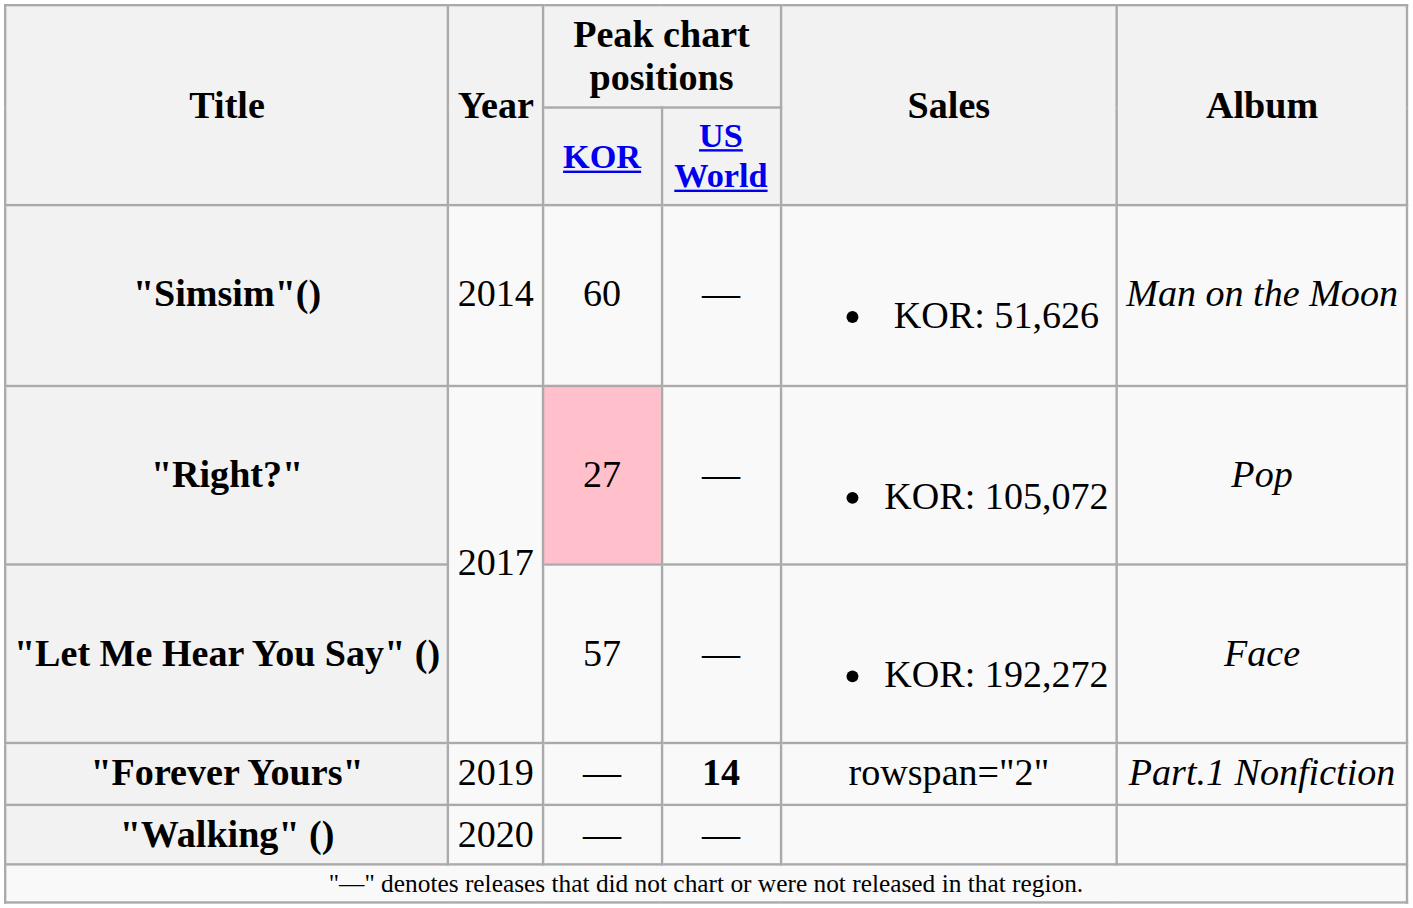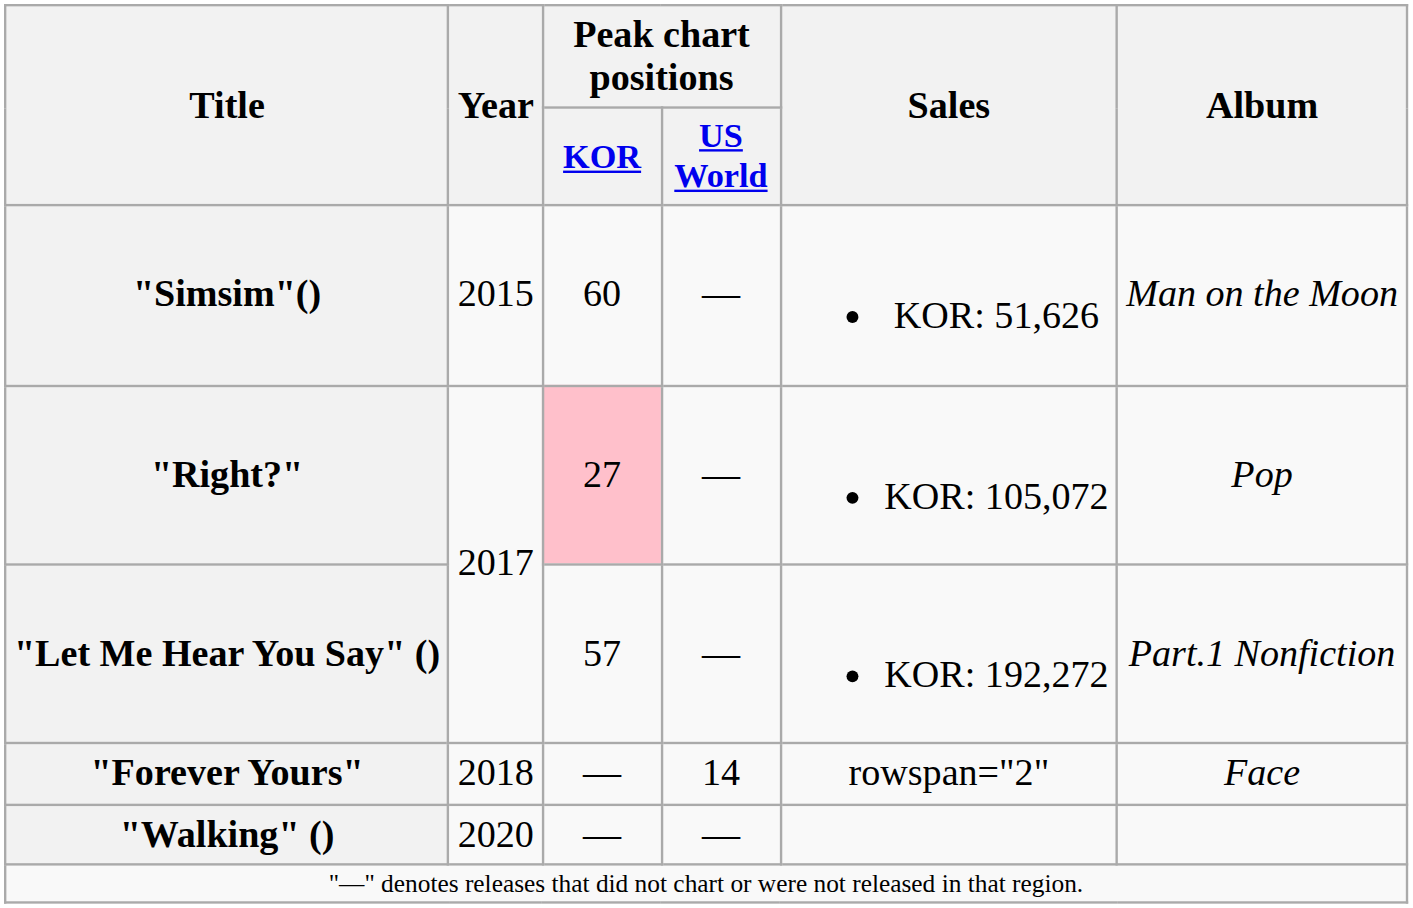 <table class="wikitable plainrowheaders" style="text-align:center">
 <tr>
 <th rowspan="2">Title</th>
 <th rowspan="2">Year</th>
 <th colspan="2">Peak chart positions</th>
 <th rowspan="2">Sales</th>
 <th rowspan="2">Album</th>
 </tr>
 <tr>
 <th scope="col" style="width:3em;font-size:90%"><a href='#'>KOR</a><br></th>
 <th style="width:3em;font-size:90%"><a href='#'>US<br>World</a><br></th>
 </tr>
 <tr>
 <th scope="row">"Simsim"()<br></th>
-<td>2014</td>
+<td>2015</td>
 <td>60</td>
 <td>—</td>
 <td><br><ul><li>KOR: 51,626</li></ul></td>
 <td><em>Man on the Moon</em></td>
 </tr>
 <tr>
 <th scope="row">"Right?"<br></th>
 <td rowspan="2">2017</td>
 <td style="background: pink;">27</td>
 <td>—</td>
 <td><br><ul><li>KOR: 105,072</li></ul></td>
 <td><em>Pop</em></td>
 </tr>
 <tr>
 <th scope="row">"Let Me Hear You Say" ()<br></th>
 <td>57</td>
 <td>—</td>
 <td><br><ul><li>KOR: 192,272</li></ul></td>
-<td><em>Face</em></td>
+<td><em>Part.1 Nonfiction</em></td>
 </tr>
 <tr>
 <th scope="row">"Forever Yours"<br></th>
-<td>2019</td>
+<td>2018</td>
 <td>—</td>
-<td><strong>14</strong></td>
+<td>14</td>
 <td>rowspan="2" </td>
-<td><em>Part.1 Nonfiction</em></td>
+<td><em>Face</em></td>
 </tr>
 <tr>
 <th scope="row">"Walking" ()<br></th>
 <td>2020</td>
 <td>—</td>
 <td>—</td>
 <td></td>
 </tr>
 <tr>
 <td colspan="6" style="font-size:8pt">"—" denotes releases that did not chart or were not released in that region.</td>
 </tr>
 </table>
